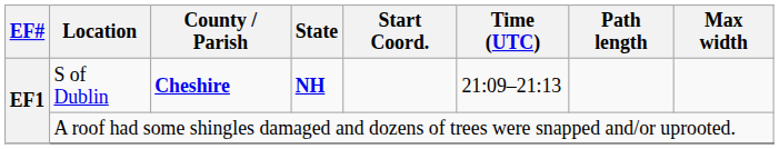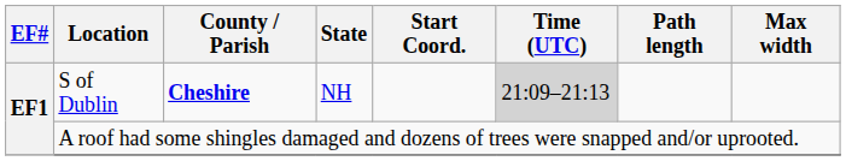 <table class="wikitable sortable" style="width:100%;">
 <tr>
 <th scope="col" width="2%" align="center"><a href='#'>EF#</a></th>
 <th scope="col" align="center" class="unsortable">Location</th>
 <th scope="col" align="center" class="unsortable">County / Parish</th>
 <th scope="col" align="center">State</th>
 <th scope="col" align="center">Start Coord.</th>
 <th scope="col" align="center">Time (<a href='#'>UTC</a>)</th>
 <th scope="col" align="center">Path length</th>
 <th scope="col" align="center">Max width</th>
 </tr>
 <tr>
 <th scope="row" rowspan="2" style="background-color:#">EF1</th>
 <td>S of <a href='#'>Dublin</a></td>
 <td><strong><a href='#'>Cheshire</a></strong></td>
-<td><strong><a href='#'>NH</a></strong></td>
+<td><a href='#'>NH</a></td>
 <td></td>
-<td>21:09–21:13</td>
+<td style="background: lightgrey;">21:09–21:13</td>
 <td></td>
 <td></td>
 </tr>
 <tr class="expand-child">
 <td colspan="8" style=" border-bottom: 1px solid black;">A roof had some shingles damaged and dozens of trees were snapped and/or uprooted.</td>
 </tr>
 <tr>
 </tr>
 </table>
